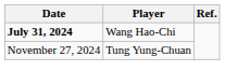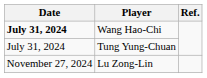 <table class="wikitable">
 <tr>
 <th>Date</th>
 <th>Player</th>
 <th>Ref.</th>
 </tr>
 <tr>
 <td><strong>July 31, 2024</strong></td>
 <td>Wang Hao-Chi</td>
 <td rowspan=2></td>
 </tr>
 <tr>
-<td>November 27, 2024</td>
+<td>July 31, 2024</td>
 <td>Tung Yung-Chuan</td>
 </tr>
+<tr>
+<td>November 27, 2024</td>
+<td>Lu Zong-Lin</td>
+<td></td>
+</tr>
 </table>
